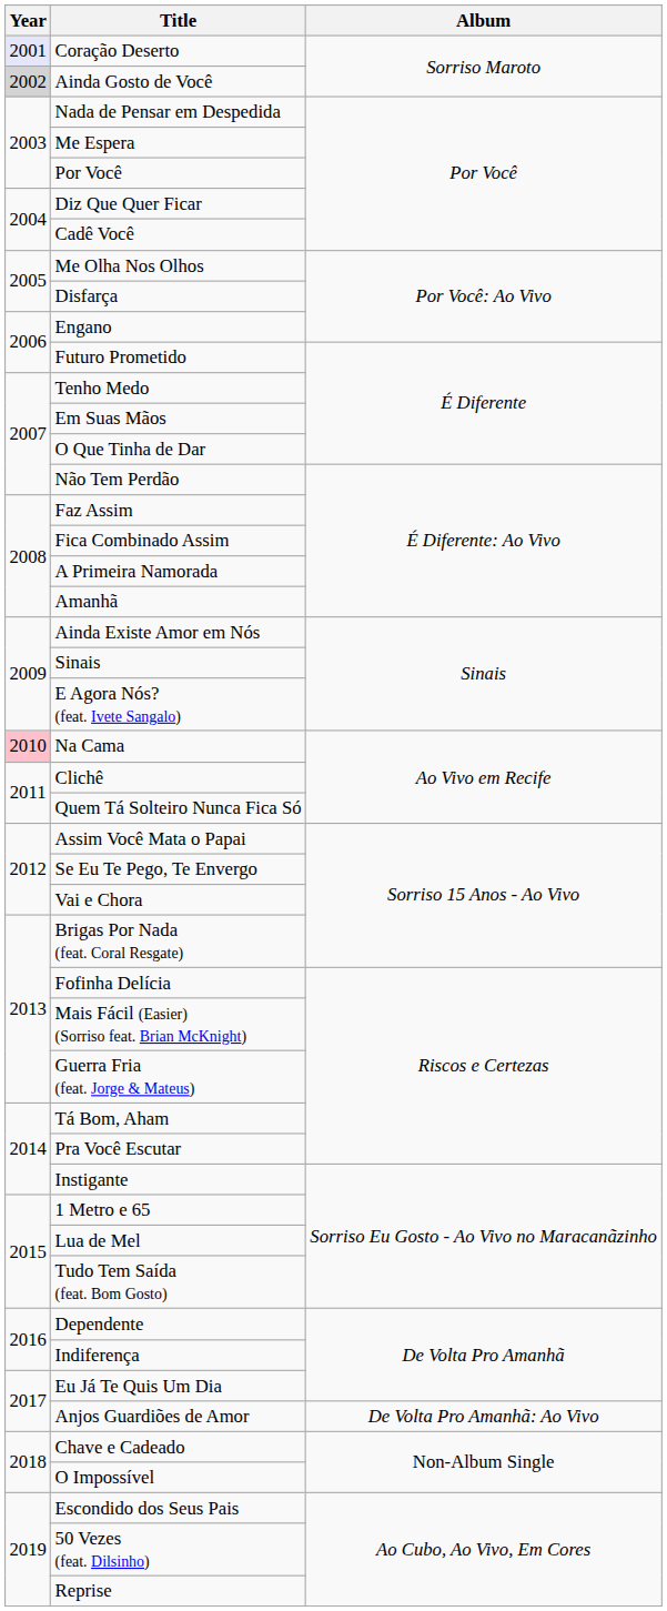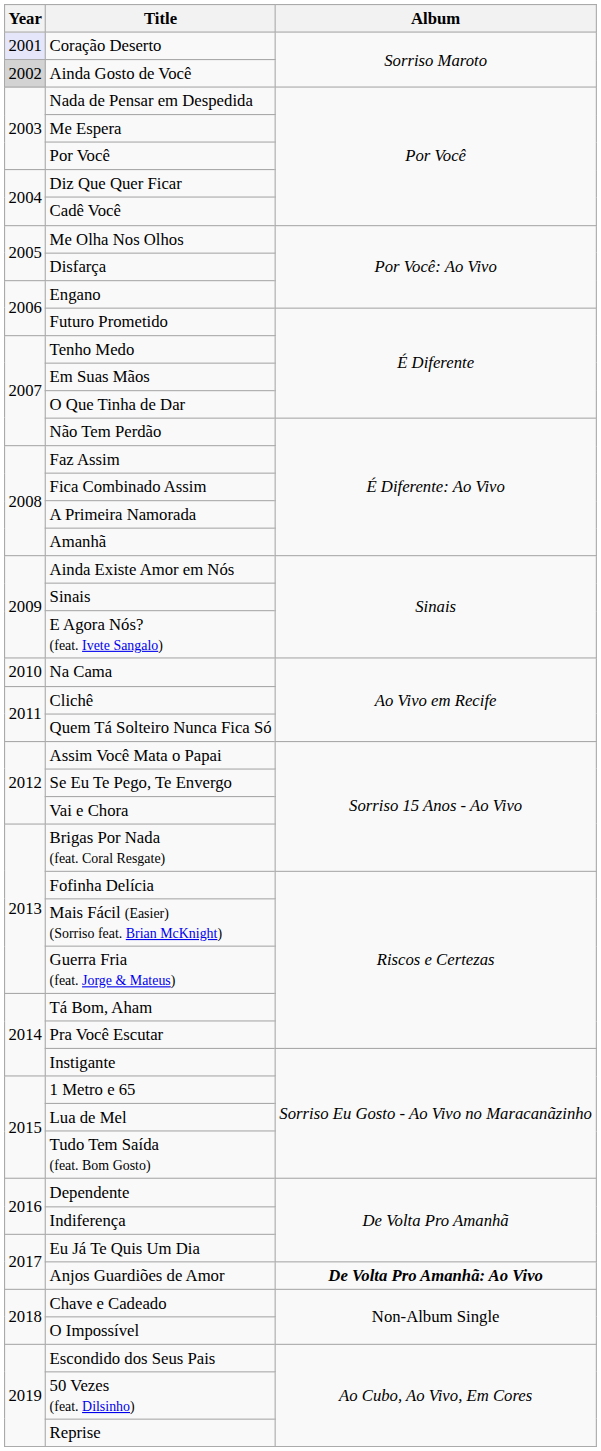 <table class="wikitable" style="font-size:95%;">
 <tr>
 <th>Year</th>
 <th>Title</th>
 <th>Album</th>
 </tr>
 <tr>
 <td align="center" rowspan="1" style="background: lavender;">2001</td>
 <td align="left">Coração Deserto</td>
 <td align="center" rowspan="2"><em>Sorriso Maroto</em></td>
 </tr>
 <tr>
 <td align="center" rowspan="1" style="background: lightgrey;">2002</td>
 <td align="left">Ainda Gosto de Você</td>
 </tr>
 <tr>
 <td align="center" rowspan="3">2003</td>
 <td align="left">Nada de Pensar em Despedida</td>
 <td align="center" rowspan="5"><em>Por Você</em></td>
 </tr>
 <tr>
 <td align="left">Me Espera</td>
 </tr>
 <tr>
 <td align="left">Por Você</td>
 </tr>
 <tr>
 <td align="center" rowspan="2">2004</td>
 <td align="left">Diz Que Quer Ficar</td>
 </tr>
 <tr>
 <td align="left">Cadê Você</td>
 </tr>
 <tr>
 <td align="center" rowspan="2">2005</td>
 <td align="left">Me Olha Nos Olhos</td>
 <td align="center" rowspan="3"><em>Por Você: Ao Vivo</em></td>
 </tr>
 <tr>
 <td align="left">Disfarça</td>
 </tr>
 <tr>
 <td align="center" rowspan="2">2006</td>
 <td align="left">Engano</td>
 </tr>
 <tr>
 <td align="left">Futuro Prometido</td>
 <td align="center" rowspan="4"><em>É Diferente</em></td>
 </tr>
 <tr>
 <td align="center" rowspan="4">2007</td>
 <td align="left">Tenho Medo</td>
 </tr>
 <tr>
 <td align="left">Em Suas Mãos</td>
 </tr>
 <tr>
 <td align="left">O Que Tinha de Dar</td>
 </tr>
 <tr>
 <td align="left">Não Tem Perdão</td>
 <td align="center" rowspan="5"><em>É Diferente: Ao Vivo</em></td>
 </tr>
 <tr>
 <td align="center" rowspan="4">2008</td>
 <td align="left">Faz Assim</td>
 </tr>
 <tr>
 <td align="left">Fica Combinado Assim</td>
 </tr>
 <tr>
 <td align="left">A Primeira Namorada</td>
 </tr>
 <tr>
 <td align="left">Amanhã</td>
 </tr>
 <tr>
 <td align="center" rowspan="3">2009</td>
 <td align="left">Ainda Existe Amor em Nós</td>
 <td align="center" rowspan="3"><em>Sinais</em></td>
 </tr>
 <tr>
 <td align="left">Sinais</td>
 </tr>
 <tr>
 <td align="left">E Agora Nós? <br><small>(feat. <a href='#'>Ivete Sangalo</a>)</small></td>
 </tr>
 <tr>
-<td align="center" rowspan="1" style="background: pink;">2010</td>
+<td align="center" rowspan="1">2010</td>
 <td align="left">Na Cama</td>
 <td align="center" rowspan="3"><em>Ao Vivo em Recife</em></td>
 </tr>
 <tr>
 <td align="center" rowspan="2">2011</td>
 <td align="left">Clichê</td>
 </tr>
 <tr>
 <td align="left">Quem Tá Solteiro Nunca Fica Só</td>
 </tr>
 <tr>
 <td align="center" rowspan="3">2012</td>
 <td align="left">Assim Você Mata o Papai</td>
 <td align="center" rowspan="4"><em>Sorriso 15 Anos - Ao Vivo</em></td>
 </tr>
 <tr>
 <td align="left">Se Eu Te Pego, Te Envergo</td>
 </tr>
 <tr>
 <td align="left">Vai e Chora</td>
 </tr>
 <tr>
 <td align="center" rowspan="4">2013</td>
 <td align="left">Brigas Por Nada <br><small>(feat. Coral Resgate)</small></td>
 </tr>
 <tr>
 <td align="left">Fofinha Delícia</td>
 <td align="center" rowspan="5"><em>Riscos e Certezas</em></td>
 </tr>
 <tr>
 <td align="left">Mais Fácil <small>(Easier) <br>(Sorriso feat. <a href='#'>Brian McKnight</a>)</small></td>
 </tr>
 <tr>
 <td align="left">Guerra Fria <br><small>(feat. <a href='#'>Jorge & Mateus</a>)</small></td>
 </tr>
 <tr>
 <td align="center" rowspan="3">2014</td>
 <td align="left">Tá Bom, Aham</td>
 </tr>
 <tr>
 <td align="left">Pra Você Escutar</td>
 </tr>
 <tr>
 <td align="left">Instigante</td>
 <td align="center" rowspan="4"><em>Sorriso Eu Gosto - Ao Vivo no Maracanãzinho</em></td>
 </tr>
 <tr>
 <td align="center" rowspan="3">2015</td>
 <td align="left">1 Metro e 65</td>
 </tr>
 <tr>
 <td align="left">Lua de Mel</td>
 </tr>
 <tr>
 <td align="left">Tudo Tem Saída <br><small>(feat. Bom Gosto)</small></td>
 </tr>
 <tr>
 <td align="center" rowspan="2">2016</td>
 <td align="left">Dependente</td>
 <td align="center" rowspan="3"><em>De Volta Pro Amanhã</em></td>
 </tr>
 <tr>
 <td align="left">Indiferença</td>
 </tr>
 <tr>
 <td align="center" rowspan="2">2017</td>
 <td align="left">Eu Já Te Quis Um Dia</td>
 </tr>
 <tr>
 <td align="left">Anjos Guardiões de Amor</td>
-<td align="center" rowspan="1"><em>De Volta Pro Amanhã: Ao Vivo</em></td>
+<td align="center" rowspan="1"><strong><em>De Volta Pro Amanhã: Ao Vivo</em></strong></td>
 </tr>
 <tr>
 <td align="center" rowspan="2">2018</td>
 <td align="left">Chave e Cadeado</td>
 <td align="center" rowspan="2">Non-Album Single</td>
 </tr>
 <tr>
 <td align="left">O Impossível</td>
 </tr>
 <tr>
 <td align="center" rowspan="3">2019</td>
 <td align="left">Escondido dos Seus Pais</td>
 <td align="center" rowspan="3"><em>Ao Cubo, Ao Vivo, Em Cores</em></td>
 </tr>
 <tr>
 <td>50 Vezes <br><small>(feat. <a href='#'>Dilsinho</a>)</small></td>
 </tr>
 <tr>
 <td>Reprise</td>
 </tr>
 <tr>
 </tr>
 </table>
